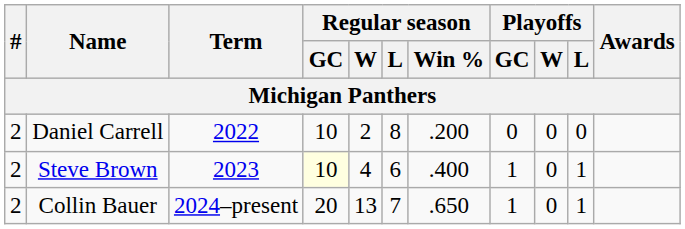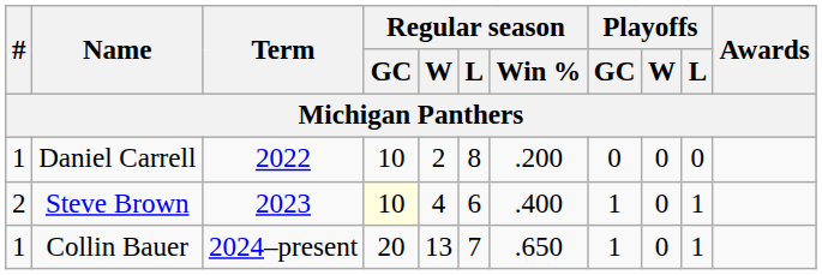 <table class="wikitable" style="text-align:center">
 <tr>
 <th rowspan="2">#</th>
 <th rowspan="2">Name</th>
 <th rowspan="2">Term</th>
 <th colspan="4">Regular season</th>
 <th colspan="3">Playoffs</th>
 <th rowspan="2">Awards</th>
 </tr>
 <tr>
 <th>GC</th>
 <th>W</th>
 <th>L</th>
 <th>Win %</th>
 <th>GC</th>
 <th>W</th>
 <th>L</th>
 </tr>
 <tr>
 <th colspan="11">Michigan Panthers</th>
 </tr>
 <tr>
-<td>2</td>
+<td>1</td>
 <td>Daniel Carrell</td>
 <td><a href='#'>2022</a></td>
 <td>10</td>
 <td>2</td>
 <td>8</td>
 <td>.200</td>
 <td>0</td>
 <td>0</td>
 <td>0</td>
 <td></td>
 </tr>
 <tr>
 <td>2</td>
 <td><a href='#'>Steve Brown</a></td>
 <td><a href='#'>2023</a></td>
 <td style="background: lightyellow;">10</td>
 <td>4</td>
 <td>6</td>
 <td>.400</td>
 <td>1</td>
 <td>0</td>
 <td>1</td>
 <td></td>
 </tr>
 <tr>
-<td>2</td>
+<td>1</td>
 <td>Collin Bauer</td>
 <td><a href='#'>2024</a>–present</td>
 <td>20</td>
 <td>13</td>
 <td>7</td>
 <td>.650</td>
 <td>1</td>
 <td>0</td>
 <td>1</td>
 <td></td>
 </tr>
 </table>
